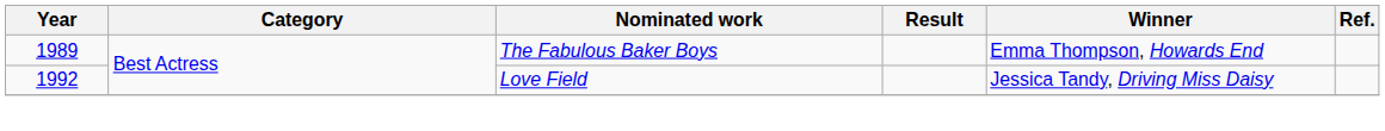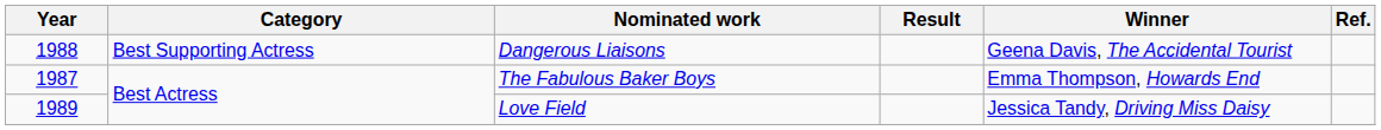 <table class=wikitable>
 <tr>
 <th scope="col" style="width:5em;">Year</th>
 <th scope="col" style="width:20em;">Category</th>
 <th scope="col" style="width:20em;">Nominated work</th>
 <th scope="col" style="width:5em;">Result</th>
 <th scope="col" style="width:18em;">Winner</th>
 <th>Ref.</th>
 </tr>
 <tr>
-<td style="text-align:center;"><a href='#'>1989</a></td>
+<td style="text-align:center;"><a href='#'>1988</a></td>
+<td><a href='#'>Best Supporting Actress</a></td>
+<td><em><a href='#'>Dangerous Liaisons</a></em></td>
+<td></td>
+<td><a href='#'>Geena Davis</a>, <em><a href='#'>The Accidental Tourist</a></em></td>
+<td></td>
+</tr>
+<tr>
+<td style="text-align:center;"><a href='#'>1987</a></td>
 <td scope="row" rowspan="2"><a href='#'>Best Actress</a></td>
 <td><em><a href='#'>The Fabulous Baker Boys</a></em></td>
 <td></td>
 <td><a href='#'>Emma Thompson</a>, <em><a href='#'>Howards End</a></em></td>
 <td></td>
 </tr>
 <tr>
-<td style="text-align:center;"><a href='#'>1992</a></td>
+<td style="text-align:center;"><a href='#'>1989</a></td>
 <td><em><a href='#'>Love Field</a></em></td>
 <td></td>
 <td><a href='#'>Jessica Tandy</a>, <em><a href='#'>Driving Miss Daisy</a></em></td>
 <td></td>
 </tr>
 <tr>
 </tr>
 </table>
